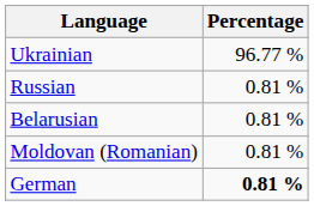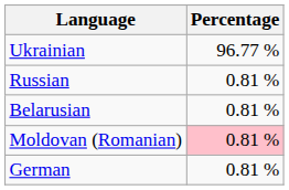 <table class="wikitable">
 <tr>
 <th>Language</th>
 <th>Percentage</th>
 </tr>
 <tr>
 <td><a href='#'>Ukrainian</a></td>
 <td align="right">96.77 %</td>
 </tr>
 <tr>
 <td><a href='#'>Russian</a></td>
 <td align="right">0.81 %</td>
 </tr>
 <tr>
 <td><a href='#'>Belarusian</a></td>
 <td align="right">0.81 %</td>
 </tr>
 <tr>
 <td><a href='#'>Moldovan</a> (<a href='#'>Romanian</a>)</td>
-<td align="right">0.81 %</td>
+<td align="right" style="background: pink;">0.81 %</td>
 </tr>
 <tr>
 <td><a href='#'>German</a></td>
-<td align="right"><strong>0.81 %</strong></td>
+<td align="right">0.81 %</td>
 </tr>
 </table>
